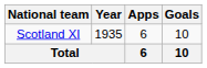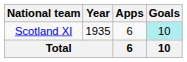 <table class="wikitable" style="font-size:100%; text-align: center">
 <tr>
 <th>National team</th>
 <th>Year</th>
 <th>Apps</th>
 <th>Goals</th>
 </tr>
 <tr>
 <td><a href='#'>Scotland XI</a></td>
 <td>1935</td>
 <td>6</td>
-<td>10</td>
+<td style="background: paleturquoise;">10</td>
 </tr>
 <tr>
 <th colspan=2>Total</th>
 <th>6</th>
 <th>10</th>
 </tr>
 </table>
